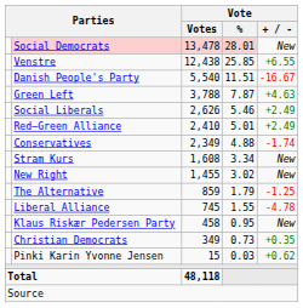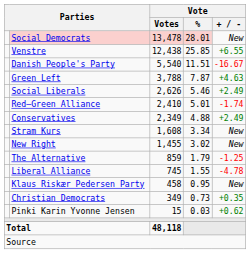 <table class="wikitable" style="text-align:right;">
 <tr>
 <th style="text-align:centre;" rowspan="2" colspan="2" width="225">Parties</th>
 <th colspan="3">Vote</th>
 </tr>
 <tr>
 <th width="15">Votes</th>
 <th width="15">%</th>
 <th width="15">+ / -</th>
 </tr>
 <tr>
 <td width="2" style="color:inherit;background:"></td>
 <td bgcolor=#fbd0ce  align="left"><a href='#'>Social Democrats</a></td>
 <td bgcolor=#fbd0ce>13,478</td>
 <td bgcolor=#fbd0ce>28.01</td>
 <td><em>New</em></td>
 </tr>
 <tr>
 <td width="2" style="color:inherit;background:"></td>
 <td align="left"><a href='#'>Venstre</a></td>
 <td>12,438</td>
 <td>25.85</td>
 <td style=color:green;>+6.55</td>
 </tr>
 <tr>
 <td width="2" style="color:inherit;background:"></td>
 <td align="left"><a href='#'>Danish People's Party</a></td>
 <td>5,540</td>
 <td>11.51</td>
 <td style=color:red;>-16.67</td>
 </tr>
 <tr>
 <td width="2" style="color:inherit;background:"></td>
 <td align="left"><a href='#'>Green Left</a></td>
 <td>3,788</td>
 <td>7.87</td>
 <td style=color:green;>+4.63</td>
 </tr>
 <tr>
 <td width="2" style="color:inherit;background:"></td>
 <td align="left"><a href='#'>Social Liberals</a></td>
 <td>2,626</td>
 <td>5.46</td>
 <td style=color:green;>+2.49</td>
 </tr>
 <tr>
 <td width="2" style="color:inherit;background:"></td>
 <td align="left"><a href='#'>Red–Green Alliance</a></td>
 <td>2,410</td>
 <td>5.01</td>
-<td style=color:green;>+2.49</td>
+<td style=color:red;>-1.74</td>
 </tr>
 <tr>
 <td width="2" style="color:inherit;background:"></td>
 <td align="left"><a href='#'>Conservatives</a></td>
 <td>2,349</td>
 <td>4.88</td>
-<td style=color:red;>-1.74</td>
+<td style=color:green;>+2.49</td>
 </tr>
 <tr>
 <td width="2" style="color:inherit;background:"></td>
 <td align="left"><a href='#'>Stram Kurs</a></td>
 <td>1,608</td>
 <td>3.34</td>
 <td><em>New</em></td>
 </tr>
 <tr>
 <td width="2" style="color:inherit;background:"></td>
 <td align="left"><a href='#'>New Right</a></td>
 <td>1,455</td>
 <td>3.02</td>
 <td><em>New</em></td>
 </tr>
 <tr>
 <td width="2" style="color:inherit;background:"></td>
 <td align="left"><a href='#'>The Alternative</a></td>
 <td>859</td>
 <td>1.79</td>
 <td style=color:red;>-1.25</td>
 </tr>
 <tr>
 <td width="2" style="color:inherit;background:"></td>
 <td align="left"><a href='#'>Liberal Alliance</a></td>
 <td>745</td>
 <td>1.55</td>
 <td style=color:red;>-4.78</td>
 </tr>
 <tr>
 <td width="2" style="color:inherit;background:"></td>
 <td align="left"><a href='#'>Klaus Riskær Pedersen Party</a></td>
 <td>458</td>
 <td>0.95</td>
 <td><em>New</em></td>
 </tr>
 <tr>
 <td width="2" style="color:inherit;background:"></td>
 <td align="left"><a href='#'>Christian Democrats</a></td>
 <td>349</td>
 <td>0.73</td>
 <td style=color:green;>+0.35</td>
 </tr>
 <tr>
 <td width="2" style="color:inherit;background:"></td>
 <td align="left">Pinki Karin Yvonne Jensen</td>
 <td>15</td>
 <td>0.03</td>
 <td style=color:green;>+0.62</td>
 </tr>
 <tr>
 <td colspan="7" bgcolor="#E9E9E9"></td>
 </tr>
 <tr>
 <td align="left" colspan="2"><strong>Total</strong></td>
 <td><strong>48,118</strong></td>
 <td bgcolor="#E9E9E9" colspan="2"></td>
 </tr>
 <tr>
 <td align="left" colspan="6">Source</td>
 </tr>
 </table>
